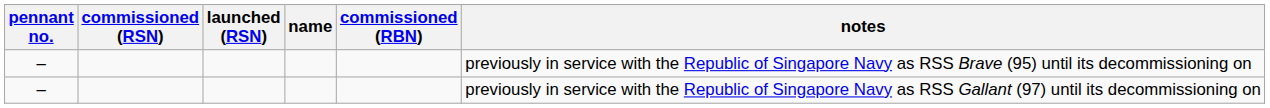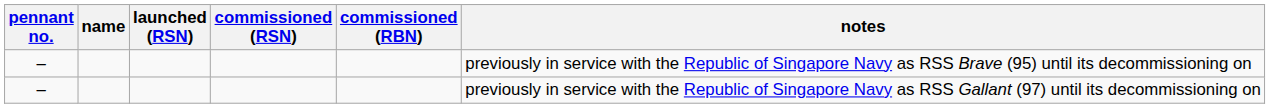 <table class="wikitable sortable">
 <tr>
 <th><a href='#'>pennant<br>no.</a></th>
+<th>name</th>
+<th>launched<br>(<a href='#'>RSN</a>)</th>
 <th><a href='#'>commissioned</a><br>(<a href='#'>RSN</a>)</th>
-<th>launched<br>(<a href='#'>RSN</a>)</th>
-<th>name</th>
 <th><a href='#'>commissioned</a><br>(<a href='#'>RBN</a>)</th>
 <th>notes</th>
 </tr>
 <tr>
 <td align=center>–</td>
 <td></td>
 <td></td>
 <td></td>
 <td></td>
 <td>previously in service with the <a href='#'>Republic of Singapore Navy</a> as RSS <em>Brave</em> (95) until its decommissioning on </td>
 </tr>
 <tr>
 <td align=center>–</td>
 <td></td>
 <td></td>
 <td></td>
 <td></td>
 <td>previously in service with the <a href='#'>Republic of Singapore Navy</a> as RSS <em>Gallant</em> (97) until its decommissioning on </td>
 </tr>
 </table>
